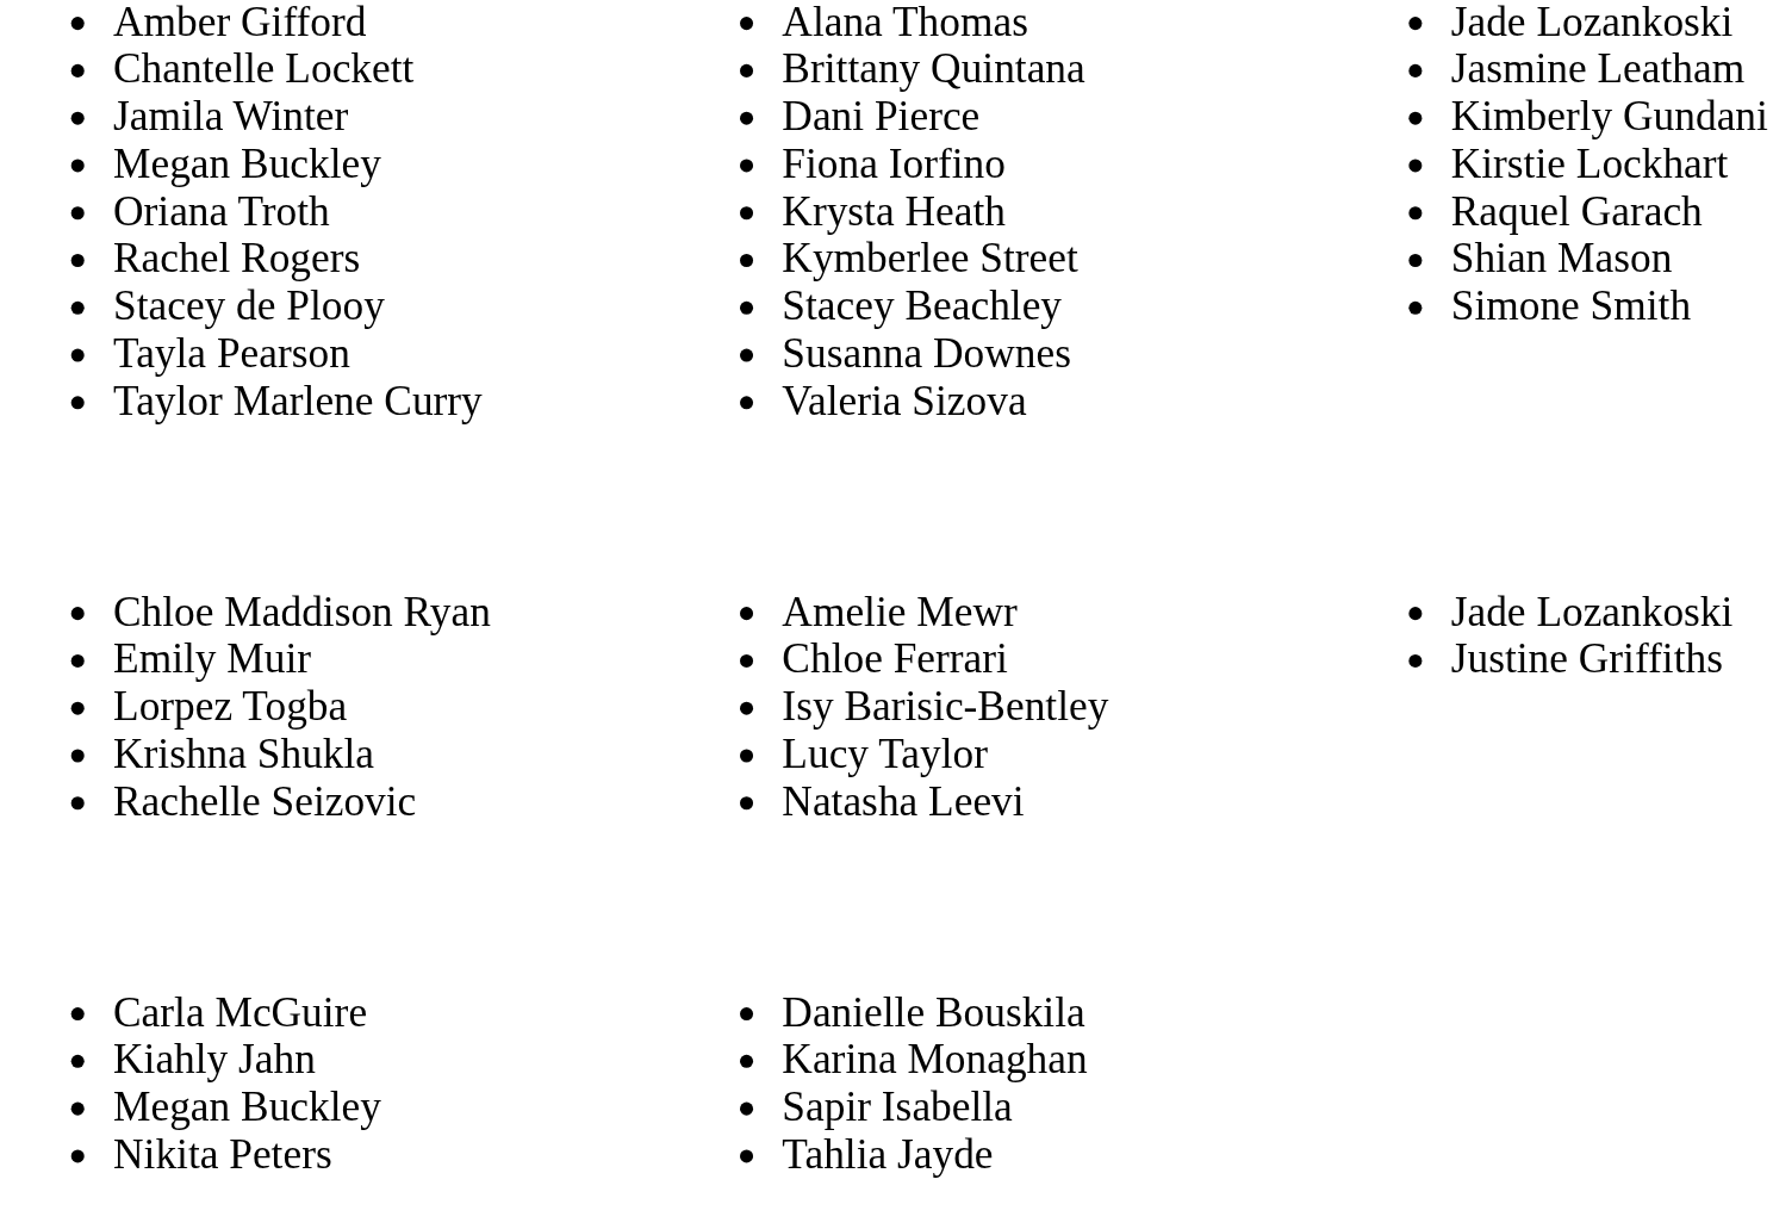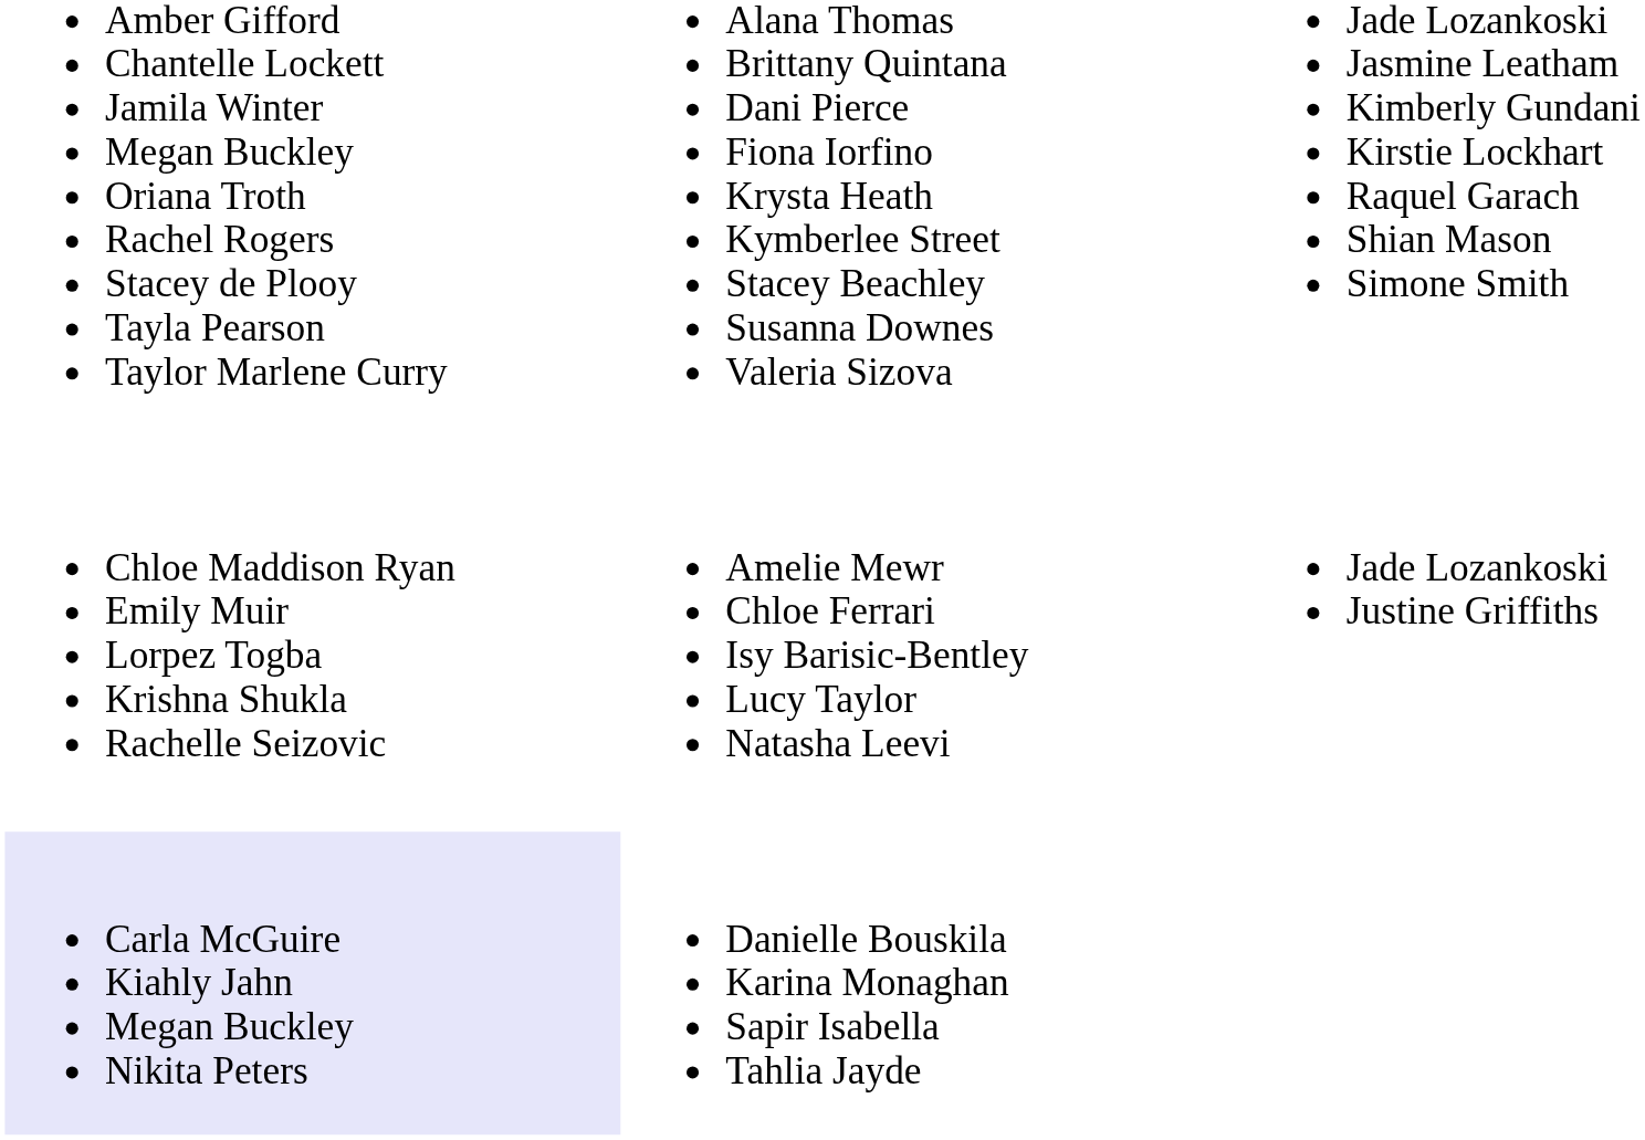 <table>
 <tr>
 <td><strong></strong></td>
 <td><strong></strong></td>
 <td><strong></strong></td>
 </tr>
 <tr style="vertical-align: top;"|>
 <td><br><ul><li>Amber Gifford</li><li>Chantelle Lockett</li><li>Jamila Winter</li><li>Megan Buckley</li><li>Oriana Troth</li><li>Rachel Rogers</li><li>Stacey de Plooy</li><li>Tayla Pearson</li><li>Taylor Marlene Curry</li></ul></td>
 <td><br><ul><li>Alana Thomas</li><li>Brittany Quintana</li><li>Dani Pierce</li><li>Fiona Iorfino</li><li>Krysta Heath</li><li>Kymberlee Street</li><li>Stacey Beachley</li><li>Susanna Downes</li><li>Valeria Sizova</li></ul></td>
 <td><br><ul><li>Jade Lozankoski</li><li>Jasmine Leatham</li><li>Kimberly Gundani</li><li>Kirstie Lockhart</li><li>Raquel Garach</li><li>Shian Mason</li><li>Simone Smith</li></ul></td>
 </tr>
 <tr>
 <td colspan=3></td>
 </tr>
 <tr>
 <td width=250px><strong></strong></td>
 <td width=250px><strong></strong></td>
 <td width=250px><strong></strong></td>
 </tr>
 <tr style="vertical-align: top;"|>
 <td><br><ul><li>Chloe Maddison Ryan</li><li>Emily Muir</li><li>Lorpez Togba</li><li>Krishna Shukla</li><li>Rachelle Seizovic</li></ul></td>
 <td><br><ul><li>Amelie Mewr</li><li>Chloe Ferrari</li><li>Isy Barisic-Bentley</li><li>Lucy Taylor</li><li>Natasha Leevi</li></ul></td>
 <td><br><ul><li>Jade Lozankoski</li><li>Justine Griffiths</li></ul></td>
 </tr>
 <tr>
 <td colspan=3></td>
 </tr>
 <tr>
 <td><strong></strong></td>
 <td><strong></strong></td>
 </tr>
 <tr style="vertical-align: top;"|>
-<td><br><ul><li>Carla McGuire</li><li>Kiahly Jahn</li><li>Megan Buckley</li><li>Nikita Peters</li></ul></td>
+<td style="background: lavender;"><br><ul><li>Carla McGuire</li><li>Kiahly Jahn</li><li>Megan Buckley</li><li>Nikita Peters</li></ul></td>
 <td><br><ul><li>Danielle Bouskila</li><li>Karina Monaghan</li><li>Sapir Isabella</li><li>Tahlia Jayde</li></ul></td>
 </tr>
 </table>
